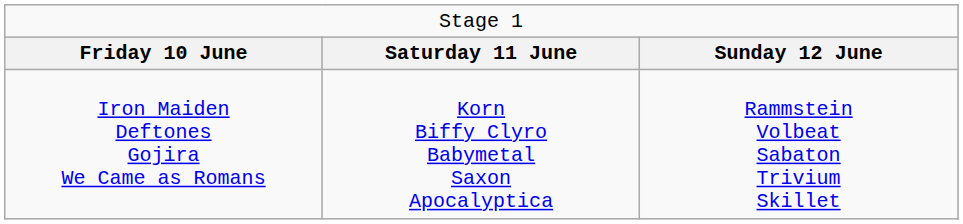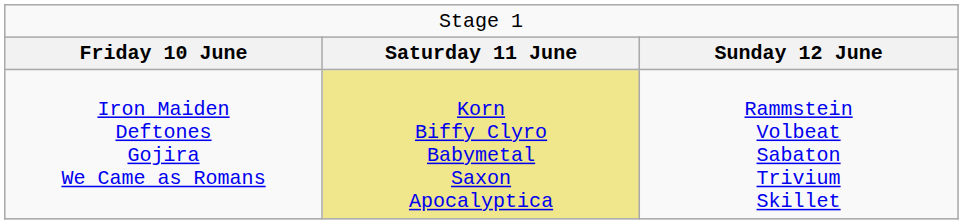 <table class="wikitable">
 <tr>
 <td colspan="5" style="text-align:center;">Stage 1</td>
 </tr>
 <tr>
 <th>Friday 10 June</th>
 <th>Saturday 11 June</th>
 <th>Sunday 12 June</th>
 </tr>
 <tr>
 <td style="text-align:center; vertical-align:top; width:200px;"><br><a href='#'>Iron Maiden</a><br> <a href='#'>Deftones</a><br> <a href='#'>Gojira</a><br> <a href='#'>We Came as Romans</a><br></td>
-<td style="text-align:center; vertical-align:top; width:200px;"><br><a href='#'>Korn</a><br> <a href='#'>Biffy Clyro</a><br> <a href='#'>Babymetal</a><br> <a href='#'>Saxon</a><br> <a href='#'>Apocalyptica</a><br></td>
+<td style="background: khaki; text-align:center; vertical-align:top; width:200px;"><br><a href='#'>Korn</a><br> <a href='#'>Biffy Clyro</a><br> <a href='#'>Babymetal</a><br> <a href='#'>Saxon</a><br> <a href='#'>Apocalyptica</a><br></td>
 <td style="text-align:center; vertical-align:top; width:200px;"><br><a href='#'>Rammstein</a><br> <a href='#'>Volbeat</a><br> <a href='#'>Sabaton</a><br> <a href='#'>Trivium</a><br> <a href='#'>Skillet</a><br></td>
 </tr>
 </table>
